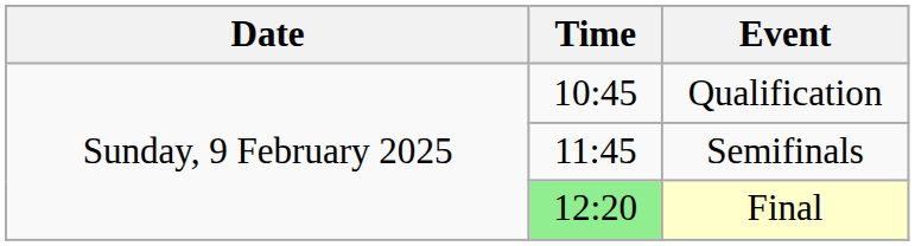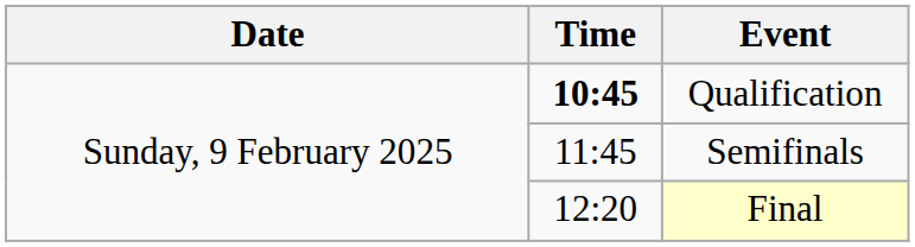 <table class = "wikitable" style="text-align:center;">
 <tr>
 <th width=220>Date</th>
 <th width=50>Time</th>
 <th width=100>Event</th>
 </tr>
 <tr>
 <td rowspan=3>Sunday, 9 February 2025</td>
-<td>10:45</td>
+<td><strong>10:45</strong></td>
 <td>Qualification</td>
 </tr>
 <tr>
 <td>11:45</td>
 <td>Semifinals</td>
 </tr>
 <tr>
-<td style="background: lightgreen;">12:20</td>
+<td>12:20</td>
 <td bgcolor=ffffcc>Final</td>
 </tr>
 </table>
